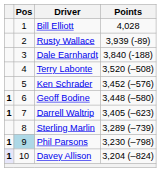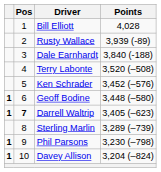 <table class="wikitable" style="font-size: 95%;">
 <tr>
 <th></th>
 <th>Pos</th>
 <th>Driver</th>
 <th>Points</th>
 </tr>
 <tr>
 <td align="left"></td>
 <td style="text-align:center;">1</td>
 <td><a href='#'>Bill Elliott</a></td>
 <td style="text-align:center;">4,028</td>
 </tr>
 <tr>
 <td align="left"></td>
 <td style="text-align:center;">2</td>
 <td><a href='#'>Rusty Wallace</a></td>
 <td style="text-align:center;">3,939 (-89)</td>
 </tr>
 <tr>
 <td align="left"></td>
 <td style="text-align:center;">3</td>
 <td><a href='#'>Dale Earnhardt</a></td>
 <td style="text-align:center;">3,840 (-188)</td>
 </tr>
 <tr>
 <td align="left"></td>
 <td style="text-align:center;">4</td>
 <td><a href='#'>Terry Labonte</a></td>
 <td style="text-align:center;">3,520 (–508)</td>
 </tr>
 <tr>
 <td align="left"></td>
 <td style="text-align:center;">5</td>
 <td><a href='#'>Ken Schrader</a></td>
 <td style="text-align:center;">3,452 (–576)</td>
 </tr>
 <tr>
 <td align="left">  <strong>1</strong></td>
 <td style="text-align:center;">6</td>
 <td><a href='#'>Geoff Bodine</a></td>
 <td style="text-align:center;">3,448 (–580)</td>
 </tr>
 <tr>
 <td align="left">  <strong>1</strong></td>
-<td style="text-align:center;">7</td>
+<td style="text-align:center;"><strong>7</strong></td>
 <td><a href='#'>Darrell Waltrip</a></td>
 <td style="text-align:center;">3,405 (–623)</td>
 </tr>
 <tr>
 <td align="left"></td>
 <td style="text-align:center;">8</td>
 <td><a href='#'>Sterling Marlin</a></td>
 <td style="text-align:center;">3,289 (–739)</td>
 </tr>
 <tr>
 <td align="left">  <strong>1</strong></td>
-<td style="background: lightblue; text-align:center;">9</td>
+<td style="text-align:center;">9</td>
 <td><a href='#'>Phil Parsons</a></td>
 <td style="text-align:center;">3,230 (–798)</td>
 </tr>
 <tr>
-<td align="left" style="background: lavender;">  <strong>1</strong></td>
+<td align="left">  <strong>1</strong></td>
 <td style="text-align:center;">10</td>
 <td><a href='#'>Davey Allison</a></td>
 <td style="text-align:center;">3,204 (–824)</td>
 </tr>
 <tr class="sortbottom">
 <th colspan="9"></th>
 </tr>
 </table>
